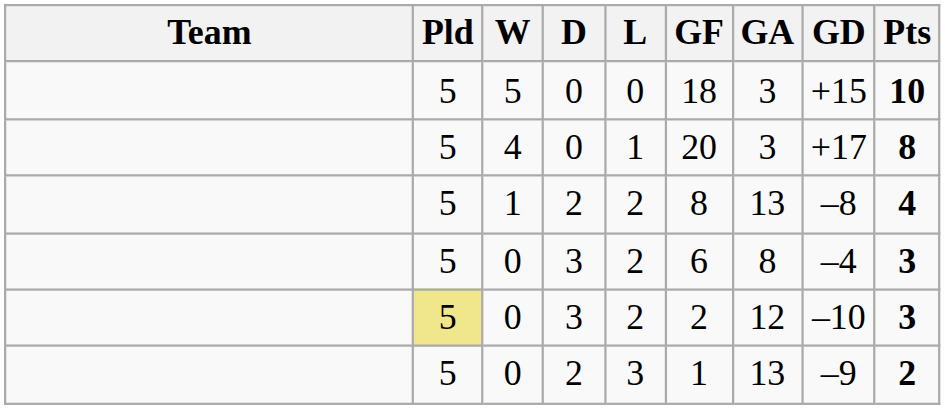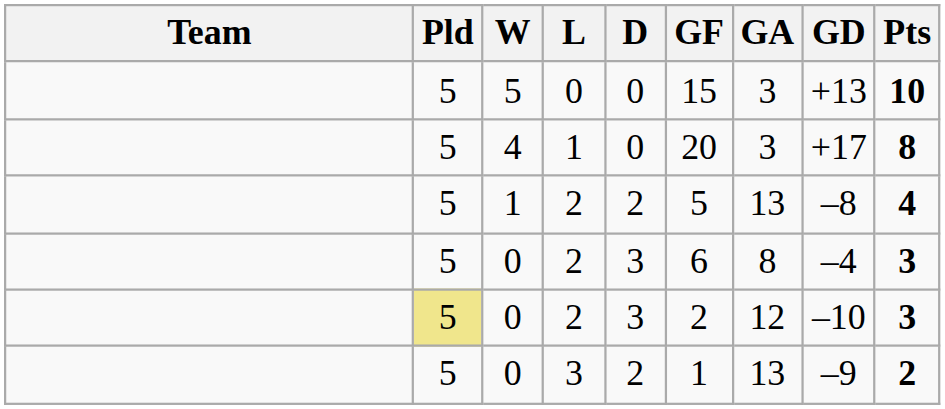 <table class=wikitable style="text-align:center">
 <tr>
 <th width="175">Team</th>
 <th width="20">Pld</th>
 <th width="20">W</th>
+<th width="20">L</th>
 <th width="20">D</th>
-<th width="20">L</th>
 <th width="20">GF</th>
 <th width="20">GA</th>
 <th width="20">GD</th>
 <th width="20">Pts</th>
 </tr>
 <tr>
 <td align=left></td>
 <td>5</td>
 <td>5</td>
 <td>0</td>
 <td>0</td>
-<td>18</td>
+<td>15</td>
 <td>3</td>
-<td>+15</td>
+<td>+13</td>
 <td><strong>10</strong></td>
 </tr>
 <tr>
 <td align=left></td>
 <td>5</td>
 <td>4</td>
+<td>1</td>
 <td>0</td>
-<td>1</td>
 <td>20</td>
 <td>3</td>
 <td>+17</td>
 <td><strong>8</strong></td>
 </tr>
 <tr>
 <td align=left></td>
 <td>5</td>
 <td>1</td>
 <td>2</td>
 <td>2</td>
-<td>8</td>
+<td>5</td>
 <td>13</td>
 <td>–8</td>
 <td><strong>4</strong></td>
 </tr>
 <tr>
 <td align=left></td>
 <td>5</td>
 <td>0</td>
+<td>2</td>
 <td>3</td>
-<td>2</td>
 <td>6</td>
 <td>8</td>
 <td>–4</td>
 <td><strong>3</strong></td>
 </tr>
 <tr>
 <td align=left></td>
 <td style="background: khaki;">5</td>
 <td>0</td>
+<td>2</td>
 <td>3</td>
-<td>2</td>
 <td>2</td>
 <td>12</td>
 <td>–10</td>
 <td><strong>3</strong></td>
 </tr>
 <tr>
 <td align=left></td>
 <td>5</td>
 <td>0</td>
+<td>3</td>
 <td>2</td>
-<td>3</td>
 <td>1</td>
 <td>13</td>
 <td>–9</td>
 <td><strong>2</strong></td>
 </tr>
 </table>
